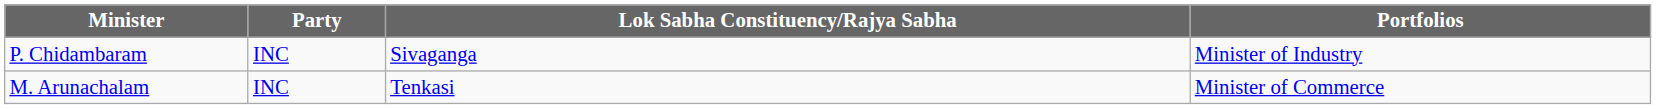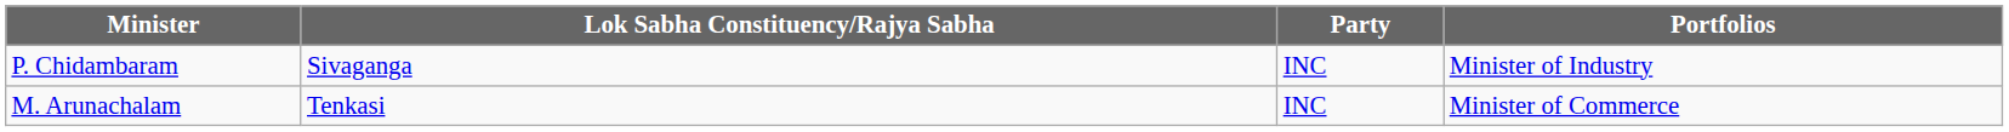 <table class="wikitable" width="80%" style="font-size: x-big; font-family: verdana">
 <tr>
 <th style="background-color:#666666; color:white; width:180px">Minister</th>
+<th style="background-color:#666666; color:white">Lok Sabha Constituency/Rajya Sabha</th>
 <th style="background-color:#666666; color:white">Party</th>
-<th style="background-color:#666666; color:white">Lok Sabha Constituency/Rajya Sabha</th>
 <th style="background-color:#666666; color:white">Portfolios</th>
 </tr>
 <tr -->
 <td><a href='#'>P. Chidambaram</a></td>
+<td><a href='#'>Sivaganga</a></td>
 <td><a href='#'>INC</a></td>
-<td><a href='#'>Sivaganga</a></td>
 <td><a href='#'>Minister of Industry</a></td>
 </tr>
 <tr -->
 <td><a href='#'>M. Arunachalam</a></td>
+<td><a href='#'>Tenkasi</a></td>
 <td><a href='#'>INC</a></td>
-<td><a href='#'>Tenkasi</a></td>
 <td><a href='#'>Minister of Commerce</a></td>
 </tr>
 </table>
